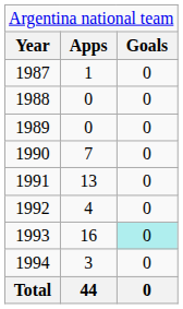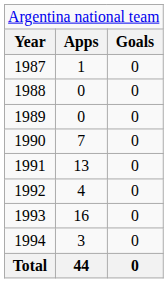 <table class="wikitable" style="text-align:center">
 <tr>
 <td colspan="3"><a href='#'>Argentina national team</a></td>
 </tr>
 <tr>
 <th>Year</th>
 <th>Apps</th>
 <th>Goals</th>
 </tr>
 <tr>
 <td>1987</td>
 <td>1</td>
 <td>0</td>
 </tr>
 <tr>
 <td>1988</td>
 <td>0</td>
 <td>0</td>
 </tr>
 <tr>
 <td>1989</td>
 <td>0</td>
 <td>0</td>
 </tr>
 <tr>
 <td>1990</td>
 <td>7</td>
 <td>0</td>
 </tr>
 <tr>
 <td>1991</td>
 <td>13</td>
 <td>0</td>
 </tr>
 <tr>
 <td>1992</td>
 <td>4</td>
 <td>0</td>
 </tr>
 <tr>
 <td>1993</td>
 <td>16</td>
-<td style="background: paleturquoise;">0</td>
+<td>0</td>
 </tr>
 <tr>
 <td>1994</td>
 <td>3</td>
 <td>0</td>
 </tr>
 <tr>
 <th>Total</th>
 <th>44</th>
 <th>0</th>
 </tr>
 </table>
